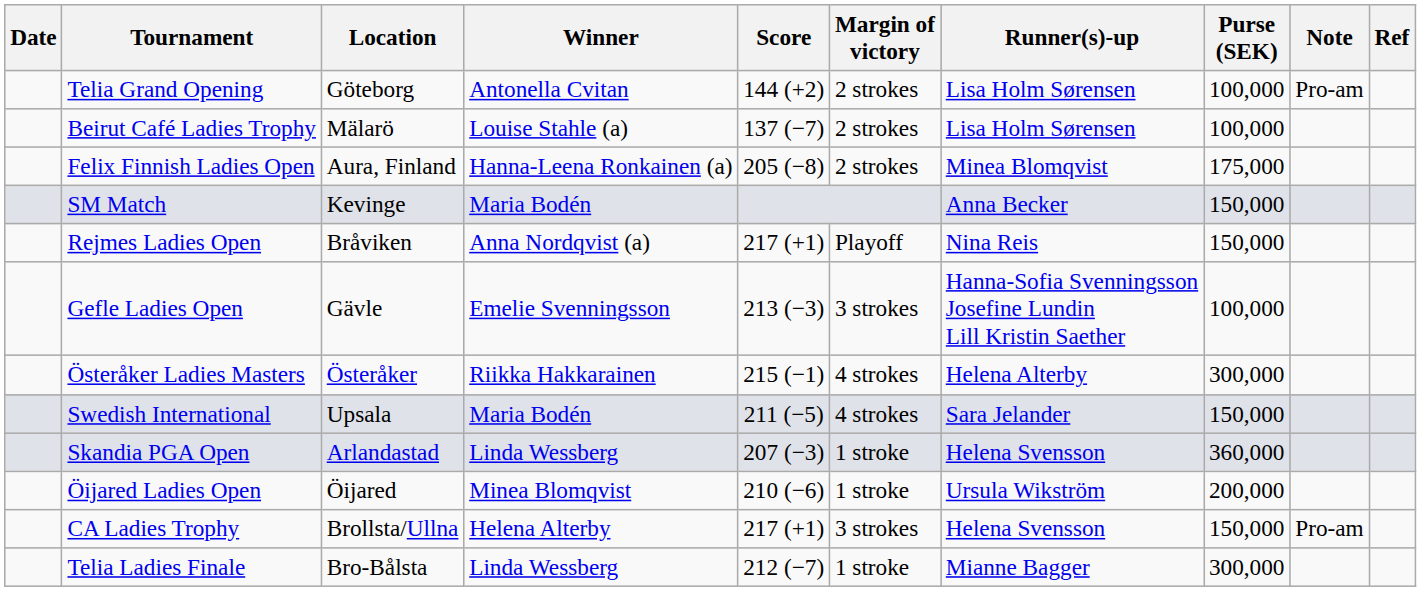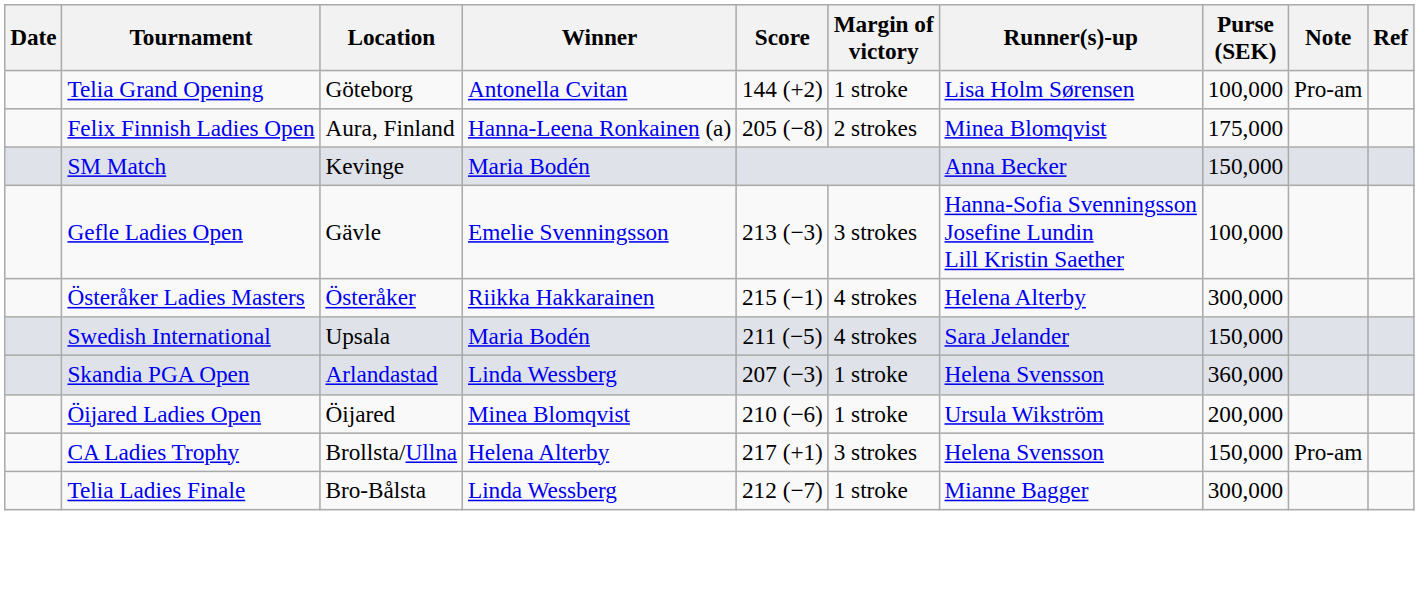 <table class="wikitable" style="font-size:95%;">
 <tr>
 <th>Date</th>
 <th>Tournament</th>
 <th>Location</th>
 <th>Winner</th>
 <th>Score</th>
 <th>Margin of<br>victory</th>
 <th>Runner(s)-up</th>
 <th>Purse<br>(SEK)</th>
 <th>Note</th>
 <th>Ref</th>
 </tr>
 <tr>
 <td></td>
 <td><a href='#'>Telia Grand Opening</a></td>
 <td>Göteborg</td>
 <td> <a href='#'>Antonella Cvitan</a></td>
 <td align=center>144 (+2)</td>
-<td>2 strokes</td>
+<td>1 stroke</td>
 <td> <a href='#'>Lisa Holm Sørensen</a></td>
 <td align=right>100,000</td>
 <td>Pro-am</td>
-<td></td>
-</tr>
-<tr>
-<td></td>
-<td><a href='#'>Beirut Café Ladies Trophy</a></td>
-<td>Mälarö</td>
-<td> <a href='#'>Louise Stahle</a> (a)</td>
-<td align=center>137 (−7)</td>
-<td>2 strokes</td>
-<td> <a href='#'>Lisa Holm Sørensen</a></td>
-<td align=right>100,000</td>
-<td></td>
 <td></td>
 </tr>
 <tr>
 <td></td>
 <td><a href='#'>Felix Finnish Ladies Open</a></td>
 <td>Aura, Finland</td>
 <td> <a href='#'>Hanna-Leena Ronkainen</a> (a)</td>
 <td align=center>205 (−8)</td>
 <td>2 strokes</td>
 <td> <a href='#'>Minea Blomqvist</a></td>
 <td align=right>175,000</td>
 <td></td>
 <td></td>
 </tr>
 <tr style="background:#dfe2e9;">
 <td></td>
 <td><a href='#'>SM Match</a></td>
 <td>Kevinge</td>
 <td> <a href='#'>Maria Bodén</a></td>
 <td colspan=2 align=center></td>
 <td> <a href='#'>Anna Becker</a></td>
-<td align=right>150,000</td>
-<td></td>
-<td></td>
-</tr>
-<tr>
-<td></td>
-<td><a href='#'>Rejmes Ladies Open</a></td>
-<td>Bråviken</td>
-<td> <a href='#'>Anna Nordqvist</a> (a)</td>
-<td align=center>217 (+1)</td>
-<td>Playoff</td>
-<td> <a href='#'>Nina Reis</a></td>
 <td align=right>150,000</td>
 <td></td>
 <td></td>
 </tr>
 <tr>
 <td></td>
 <td><a href='#'>Gefle Ladies Open</a></td>
 <td>Gävle</td>
 <td> <a href='#'>Emelie Svenningsson</a></td>
 <td align=center>213 (−3)</td>
 <td>3 strokes</td>
 <td> <a href='#'>Hanna-Sofia Svenningsson</a><br> <a href='#'>Josefine Lundin</a><br> <a href='#'>Lill Kristin Saether</a></td>
 <td align=right>100,000</td>
 <td></td>
 <td></td>
 </tr>
 <tr>
 <td></td>
 <td><a href='#'>Österåker Ladies Masters</a></td>
 <td><a href='#'>Österåker</a></td>
 <td> <a href='#'>Riikka Hakkarainen</a></td>
 <td align=center>215 (−1)</td>
 <td>4 strokes</td>
 <td> <a href='#'>Helena Alterby</a></td>
 <td align=right>300,000</td>
 <td></td>
 <td></td>
 </tr>
 <tr style="background:#dfe2e9;">
 <td></td>
 <td><a href='#'>Swedish International</a></td>
 <td>Upsala</td>
 <td> <a href='#'>Maria Bodén</a></td>
 <td align=center>211 (−5)</td>
 <td>4 strokes</td>
 <td> <a href='#'>Sara Jelander</a></td>
 <td align=right>150,000</td>
 <td></td>
 <td></td>
 </tr>
 <tr style="background:#dfe2e9;">
 <td></td>
 <td><a href='#'>Skandia PGA Open</a></td>
 <td><a href='#'>Arlandastad</a></td>
 <td> <a href='#'>Linda Wessberg</a></td>
 <td align=center>207 (−3)</td>
 <td>1 stroke</td>
 <td> <a href='#'>Helena Svensson</a></td>
 <td align=right>360,000</td>
 <td></td>
 <td></td>
 </tr>
 <tr>
 <td></td>
 <td><a href='#'>Öijared Ladies Open</a></td>
 <td>Öijared</td>
 <td> <a href='#'>Minea Blomqvist</a></td>
 <td align=center>210 (−6)</td>
 <td>1 stroke</td>
 <td> <a href='#'>Ursula Wikström</a></td>
 <td align=right>200,000</td>
 <td></td>
 <td></td>
 </tr>
 <tr>
 <td></td>
 <td><a href='#'>CA Ladies Trophy</a></td>
 <td>Brollsta/<a href='#'>Ullna</a></td>
 <td> <a href='#'>Helena Alterby</a></td>
 <td align=center>217 (+1)</td>
 <td>3 strokes</td>
 <td> <a href='#'>Helena Svensson</a></td>
 <td align=right>150,000</td>
 <td>Pro-am</td>
 <td></td>
 </tr>
 <tr>
 <td></td>
 <td><a href='#'>Telia Ladies Finale</a></td>
 <td>Bro-Bålsta</td>
 <td> <a href='#'>Linda Wessberg</a></td>
 <td align=center>212 (−7)</td>
 <td>1 stroke</td>
 <td> <a href='#'>Mianne Bagger</a></td>
 <td align=right>300,000</td>
 <td></td>
 <td></td>
 </tr>
 </table>
